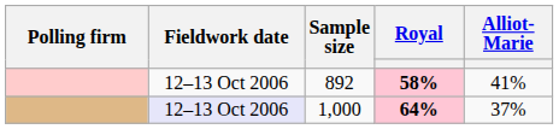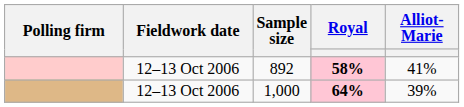 <table class="wikitable sortable" style="text-align:center;font-size:90%;line-height:14px;">
 <tr style="height:40px;">
 <th style="width:100px;" rowspan="2">Polling firm</th>
 <th style="width:110px;" rowspan="2">Fieldwork date</th>
 <th style="width:35px;" rowspan="2">Sample<br>size</th>
 <th class="unsortable" style="width:60px;"><a href='#'>Royal</a><br></th>
 <th class="unsortable" style="width:60px;"><a href='#'>Alliot-Marie</a><br></th>
 </tr>
 <tr>
 <th style="background:"></th>
 <th style="background:"></th>
 </tr>
 <tr>
 <td style="background:#FFCCCC;"></td>
 <td data-sort-value="2006-10-13">12–13 Oct 2006</td>
 <td>892</td>
 <td style="background:#FFC6D5;"><strong>58%</strong></td>
 <td>41%</td>
 </tr>
 <tr>
 <td style="background:burlywood;"></td>
-<td data-sort-value="2006-10-13" style="background: lavender;">12–13 Oct 2006</td>
+<td data-sort-value="2006-10-13">12–13 Oct 2006</td>
 <td>1,000</td>
 <td style="background:#FFC6D5;"><strong>64%</strong></td>
-<td>37%</td>
+<td>39%</td>
 </tr>
 </table>
